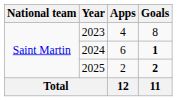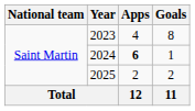 <table class="wikitable" style="text-align:center">
 <tr>
 <th>National team</th>
 <th>Year</th>
 <th>Apps</th>
 <th>Goals</th>
 </tr>
 <tr>
 <td rowspan="3"><a href='#'>Saint Martin</a></td>
 <td>2023</td>
 <td>4</td>
 <td>8</td>
 </tr>
 <tr>
 <td>2024</td>
-<td>6</td>
-<td><strong>1</strong></td>
+<td><strong>6</strong></td>
+<td>1</td>
 </tr>
 <tr>
 <td>2025</td>
 <td>2</td>
-<td><strong>2</strong></td>
+<td>2</td>
 </tr>
 <tr>
 <th colspan="2">Total</th>
 <th>12</th>
 <th>11</th>
 </tr>
 </table>
